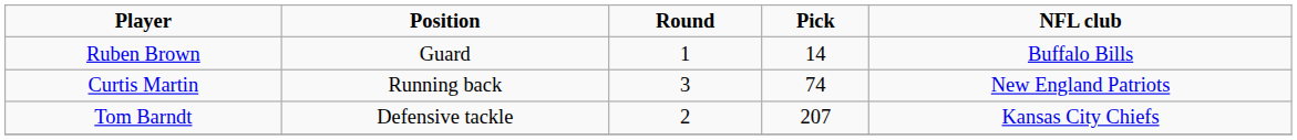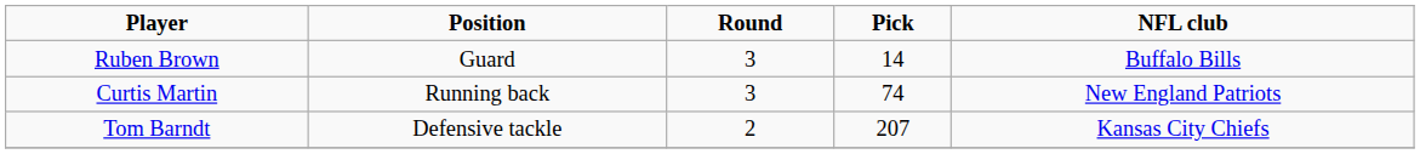 <table class="wikitable" style="width:80%;">
 <tr style="text-align:center; ">
 <td><strong>Player</strong></td>
 <td><strong>Position</strong></td>
 <td><strong>Round</strong></td>
 <td><strong>Pick</strong></td>
 <td><strong>NFL club</strong></td>
 </tr>
 <tr align="center" bgcolor="">
 <td><a href='#'>Ruben Brown</a></td>
 <td>Guard</td>
-<td>1</td>
+<td>3</td>
 <td>14</td>
 <td><a href='#'>Buffalo Bills</a></td>
 </tr>
 <tr align="center" bgcolor="">
 <td><a href='#'>Curtis Martin</a></td>
 <td>Running back</td>
 <td>3</td>
 <td>74</td>
 <td><a href='#'>New England Patriots</a></td>
 </tr>
 <tr align="center" bgcolor="">
 <td><a href='#'>Tom Barndt</a></td>
 <td>Defensive tackle</td>
 <td>2</td>
 <td>207</td>
 <td><a href='#'>Kansas City Chiefs</a></td>
 </tr>
 <tr align="center" bgcolor="">
 </tr>
 </table>
